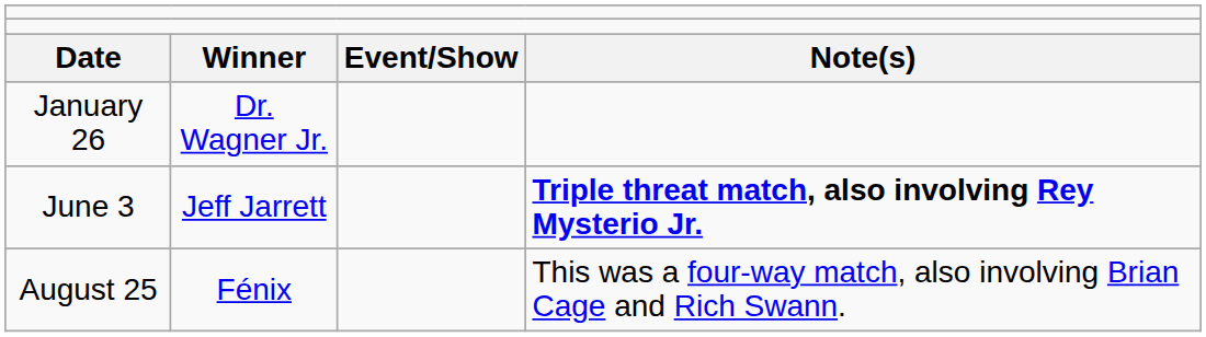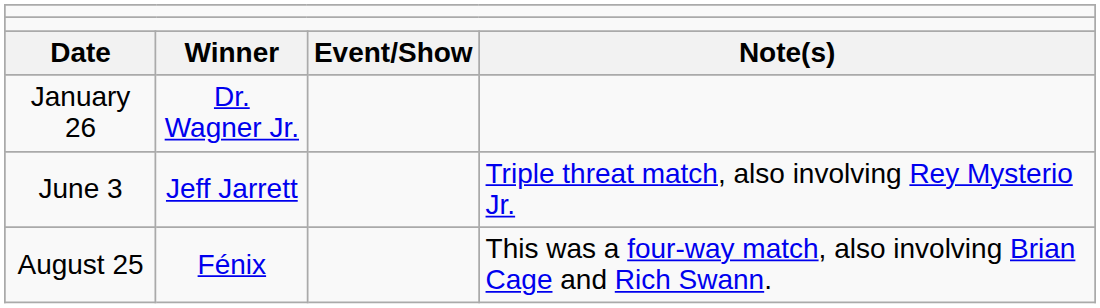 <table class="wikitable" style="text-align:center; width:100%;">
 <tr>
 <td colspan="5"></td>
 </tr>
 <tr>
 <td colspan="5"><strong></strong></td>
 </tr>
 <tr>
 <th width=14%>Date</th>
 <th width=14%>Winner</th>
 <th width=14%>Event/Show</th>
 <th width=58%>Note(s)</th>
 </tr>
 <tr>
 <td>January 26</td>
 <td><a href='#'>Dr. Wagner Jr.</a></td>
 <td></td>
 <td align=left></td>
 </tr>
 <tr>
 <td>June 3</td>
 <td><a href='#'>Jeff Jarrett</a></td>
 <td></td>
-<td align=left><strong><a href='#'>Triple threat match</a>, also involving <a href='#'>Rey Mysterio Jr.</a></strong></td>
+<td align=left><a href='#'>Triple threat match</a>, also involving <a href='#'>Rey Mysterio Jr.</a></td>
 </tr>
 <tr>
 <td>August 25</td>
 <td><a href='#'>Fénix</a></td>
 <td></td>
 <td align=left>This was a <a href='#'>four-way match</a>, also involving <a href='#'>Brian Cage</a> and <a href='#'>Rich Swann</a>.</td>
 </tr>
 </table>
